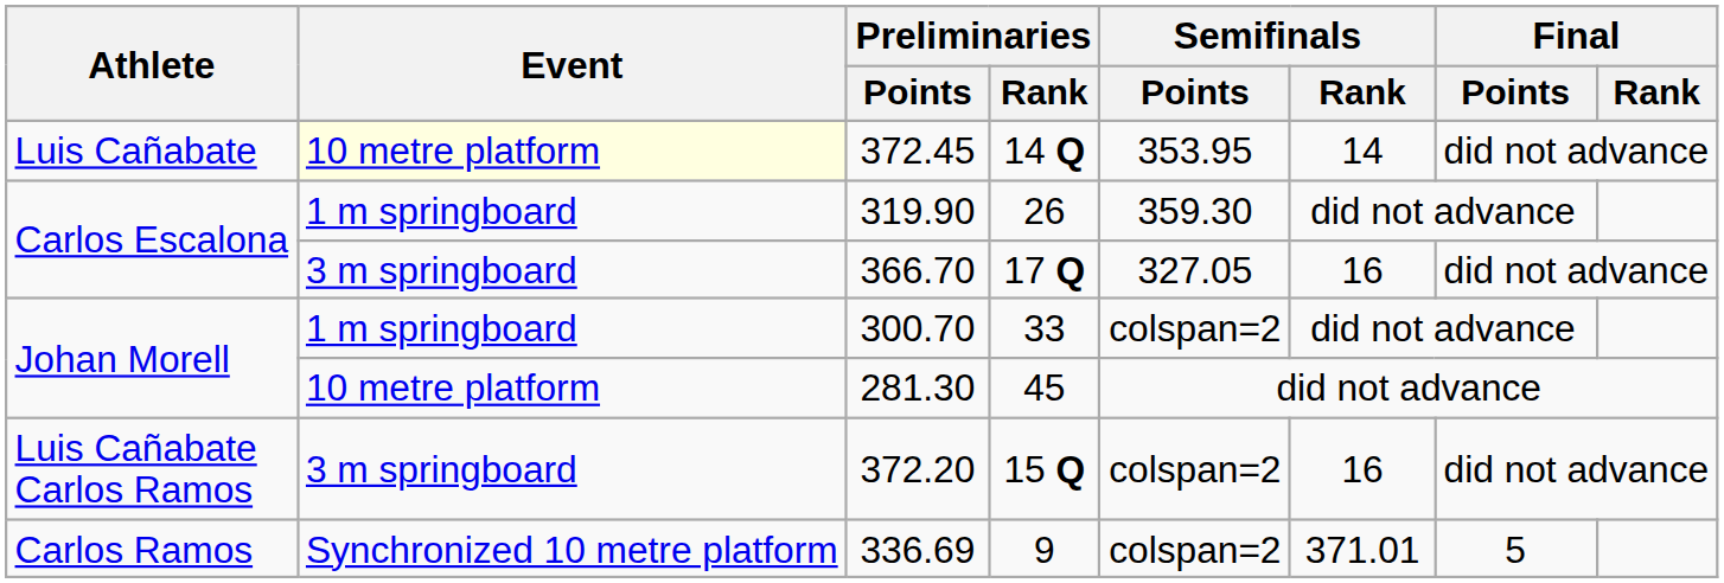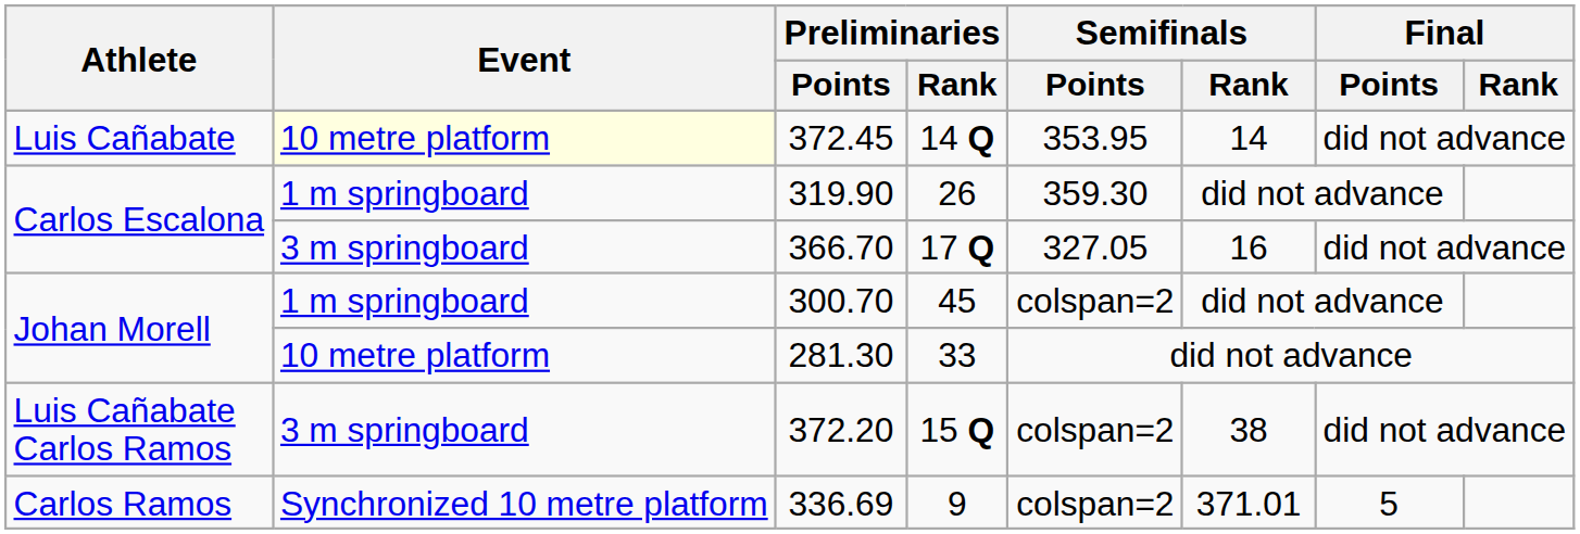 <table class="wikitable" style="text-align:center; font-size:90%">
 <tr>
 <th rowspan="2">Athlete</th>
 <th rowspan="2">Event</th>
 <th colspan="2">Preliminaries</th>
 <th colspan="2">Semifinals</th>
 <th colspan="2">Final</th>
 </tr>
 <tr style="font-size:95%">
 <th>Points</th>
 <th>Rank</th>
 <th>Points</th>
 <th>Rank</th>
 <th>Points</th>
 <th>Rank</th>
 </tr>
 <tr>
 <td align=left><a href='#'>Luis Cañabate</a></td>
 <td align=left style="background: lightyellow;"><a href='#'>10 metre platform</a></td>
 <td>372.45</td>
 <td>14 <strong>Q</strong></td>
 <td>353.95</td>
 <td>14</td>
 <td colspan=2>did not advance</td>
 </tr>
 <tr>
 <td align=left rowspan=2><a href='#'>Carlos Escalona</a></td>
 <td align=left><a href='#'>1 m springboard</a></td>
 <td>319.90</td>
 <td>26</td>
 <td>359.30</td>
 <td colspan=2>did not advance</td>
 </tr>
 <tr>
 <td align=left><a href='#'>3 m springboard</a></td>
 <td>366.70</td>
 <td>17 <strong>Q</strong></td>
 <td>327.05</td>
 <td>16</td>
 <td colspan=2>did not advance</td>
 </tr>
 <tr>
 <td align=left rowspan=2><a href='#'>Johan Morell</a></td>
 <td align=left><a href='#'>1 m springboard</a></td>
 <td>300.70</td>
-<td>33</td>
+<td>45</td>
 <td>colspan=2 </td>
 <td colspan=2>did not advance</td>
 </tr>
 <tr>
 <td align=left><a href='#'>10 metre platform</a></td>
 <td>281.30</td>
-<td>45</td>
+<td>33</td>
 <td colspan=4>did not advance</td>
 </tr>
 <tr>
 <td align=left><a href='#'>Luis Cañabate</a> <br><a href='#'>Carlos Ramos</a></td>
 <td align=left><a href='#'>3 m springboard</a></td>
 <td>372.20</td>
 <td>15 <strong>Q</strong></td>
 <td>colspan=2 </td>
-<td>16</td>
+<td>38</td>
 <td colspan=2>did not advance</td>
 </tr>
 <tr>
 <td align=left><a href='#'>Carlos Ramos</a></td>
 <td align=left><a href='#'>Synchronized 10 metre platform</a></td>
 <td>336.69</td>
 <td>9</td>
 <td>colspan=2 </td>
 <td>371.01</td>
 <td>5</td>
 </tr>
 </table>
